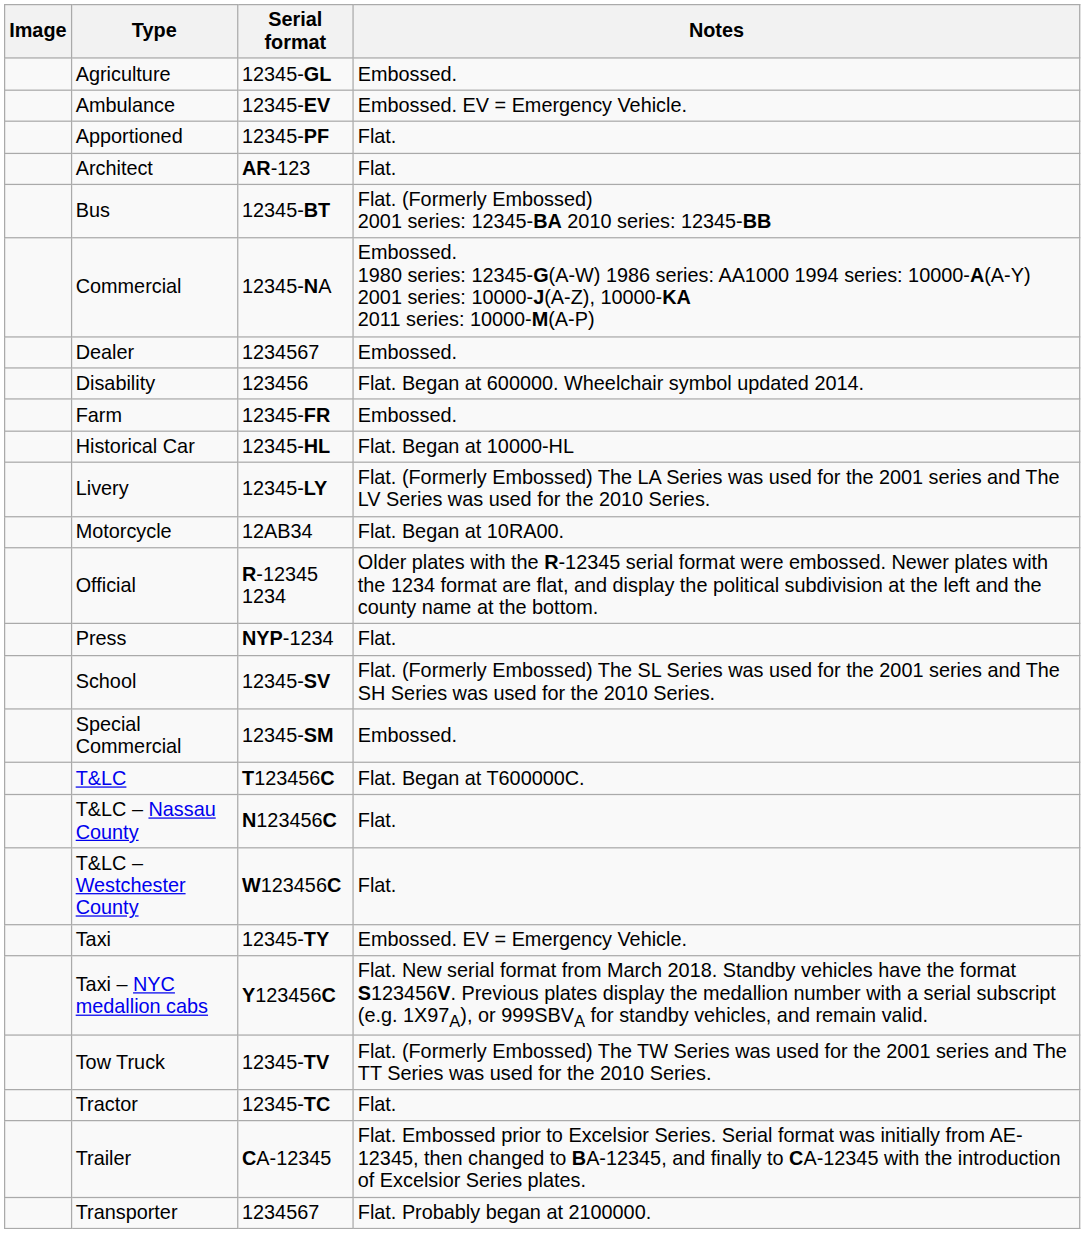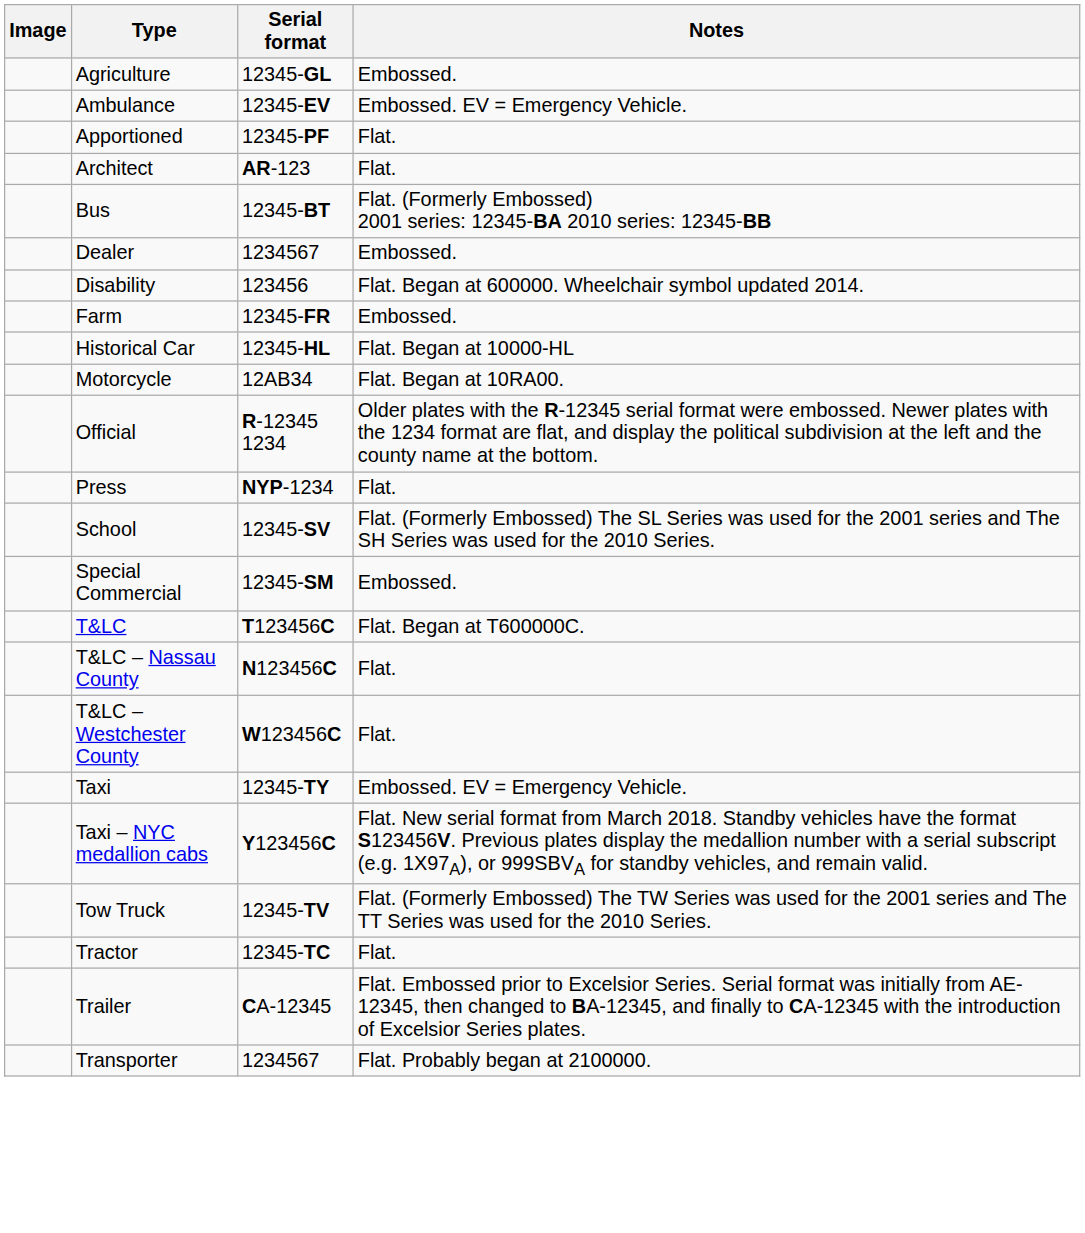 <table class="wikitable">
 <tr>
 <th>Image</th>
 <th>Type</th>
 <th>Serial format</th>
 <th>Notes</th>
 </tr>
 <tr>
 <td></td>
 <td>Agriculture</td>
 <td>12345-<strong>GL</strong></td>
 <td>Embossed.</td>
 </tr>
 <tr>
 <td></td>
 <td>Ambulance</td>
 <td>12345-<strong>EV</strong></td>
 <td>Embossed. EV = Emergency Vehicle.</td>
 </tr>
 <tr>
 <td></td>
 <td>Apportioned</td>
 <td>12345-<strong>PF</strong></td>
 <td>Flat.</td>
 </tr>
 <tr>
 <td></td>
 <td>Architect</td>
 <td><strong>AR</strong>-123</td>
 <td>Flat.</td>
 </tr>
 <tr>
 <td></td>
 <td>Bus</td>
 <td>12345-<strong>BT</strong></td>
 <td>Flat. (Formerly Embossed)<br>2001 series: 12345-<strong>BA</strong> 2010 series: 12345-<strong>BB</strong></td>
 </tr>
 <tr>
-<td></td>
-<td>Commercial</td>
-<td>12345-<strong>N</strong>A</td>
-<td>Embossed.<br>1980 series: 12345-<strong>G</strong>(A-W) 1986 series: AA1000 1994 series: 10000-<strong>A</strong>(A-Y) 2001 series: 10000-<strong>J</strong>(A-Z), 10000-<strong>KA</strong><br>2011 series: 10000-<strong>M</strong>(A-P)</td>
-</tr>
-<tr>
 <td><br></td>
 <td>Dealer</td>
 <td>1234567</td>
 <td>Embossed.</td>
 </tr>
 <tr>
 <td></td>
 <td>Disability</td>
 <td>123456 </td>
 <td>Flat. Began at 600000. Wheelchair symbol updated 2014.</td>
 </tr>
 <tr>
 <td></td>
 <td>Farm</td>
 <td>12345-<strong>FR</strong></td>
 <td>Embossed.</td>
 </tr>
 <tr>
 <td></td>
 <td>Historical Car</td>
 <td>12345-<strong>HL</strong></td>
 <td>Flat. Began at 10000-HL</td>
-</tr>
-<tr>
-<td></td>
-<td>Livery</td>
-<td>12345-<strong>LY</strong></td>
-<td>Flat. (Formerly Embossed) The LA Series was used for the 2001 series and The LV Series was used for the 2010 Series.</td>
 </tr>
 <tr>
 <td></td>
 <td>Motorcycle</td>
 <td>12AB34</td>
 <td>Flat. Began at 10RA00.</td>
 </tr>
 <tr>
 <td><br></td>
 <td>Official</td>
 <td><strong>R</strong>-12345<br>1234</td>
 <td>Older plates with the <strong>R</strong>-12345 serial format were embossed. Newer plates with the 1234 format are flat, and display the political subdivision at the left and the county name at the bottom.</td>
 </tr>
 <tr>
 <td></td>
 <td>Press</td>
 <td><strong>NYP</strong>-1234</td>
 <td>Flat.</td>
 </tr>
 <tr>
 <td></td>
 <td>School</td>
 <td>12345-<strong>SV</strong></td>
 <td>Flat. (Formerly Embossed) The SL Series was used for the 2001 series and The SH Series was used for the 2010 Series.</td>
 </tr>
 <tr>
 <td></td>
 <td>Special Commercial</td>
 <td>12345-<strong>SM</strong></td>
 <td>Embossed.</td>
 </tr>
 <tr>
 <td></td>
 <td><a href='#'>T&LC</a></td>
 <td><strong>T</strong>123456<strong>C</strong></td>
 <td>Flat. Began at T600000C.</td>
 </tr>
 <tr>
 <td></td>
 <td>T&LC – <a href='#'>Nassau County</a></td>
 <td><strong>N</strong>123456<strong>C</strong></td>
 <td>Flat.</td>
 </tr>
 <tr>
 <td></td>
 <td>T&LC – <a href='#'>Westchester County</a></td>
 <td><strong>W</strong>123456<strong>C</strong></td>
 <td>Flat.</td>
 </tr>
 <tr>
 <td></td>
 <td>Taxi</td>
 <td>12345-<strong>TY</strong></td>
 <td>Embossed. EV = Emergency Vehicle.</td>
 </tr>
 <tr>
 <td></td>
 <td>Taxi – <a href='#'>NYC medallion cabs</a></td>
 <td><strong>Y</strong>123456<strong>C</strong></td>
 <td>Flat. New serial format from March 2018. Standby vehicles have the format <strong>S</strong>123456<strong>V</strong>. Previous plates display the medallion number with a serial subscript (e.g. 1X97<sub>A</sub>), or 999SBV<sub>A</sub> for standby vehicles, and remain valid.</td>
 </tr>
 <tr>
 <td><br></td>
 <td>Tow Truck</td>
 <td>12345-<strong>TV</strong></td>
 <td>Flat. (Formerly Embossed) The TW Series was used for the 2001 series and The TT Series was used for the 2010 Series.</td>
 </tr>
 <tr>
 <td></td>
 <td>Tractor</td>
 <td>12345-<strong>TC</strong></td>
 <td>Flat.</td>
 </tr>
 <tr>
 <td></td>
 <td>Trailer</td>
 <td><strong>C</strong>A-12345</td>
 <td>Flat. Embossed prior to Excelsior Series. Serial format was initially from AE-12345, then changed to <strong>B</strong>A-12345, and finally to <strong>C</strong>A-12345 with the introduction of Excelsior Series plates.</td>
 </tr>
 <tr>
 <td></td>
 <td>Transporter</td>
 <td>1234567</td>
 <td>Flat. Probably began at 2100000.</td>
 </tr>
 </table>
